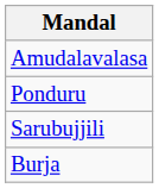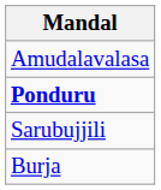 <table class="wikitable sortable static-row-numbers static-row-header-hash">
 <tr>
 <th>Mandal</th>
 </tr>
 <tr>
 <td><a href='#'>Amudalavalasa</a></td>
 </tr>
 <tr>
-<td><a href='#'>Ponduru</a></td>
+<td><strong><a href='#'>Ponduru</a></strong></td>
 </tr>
 <tr>
 <td><a href='#'>Sarubujjili</a></td>
 </tr>
 <tr>
 <td><a href='#'>Burja</a></td>
 </tr>
 </table>
